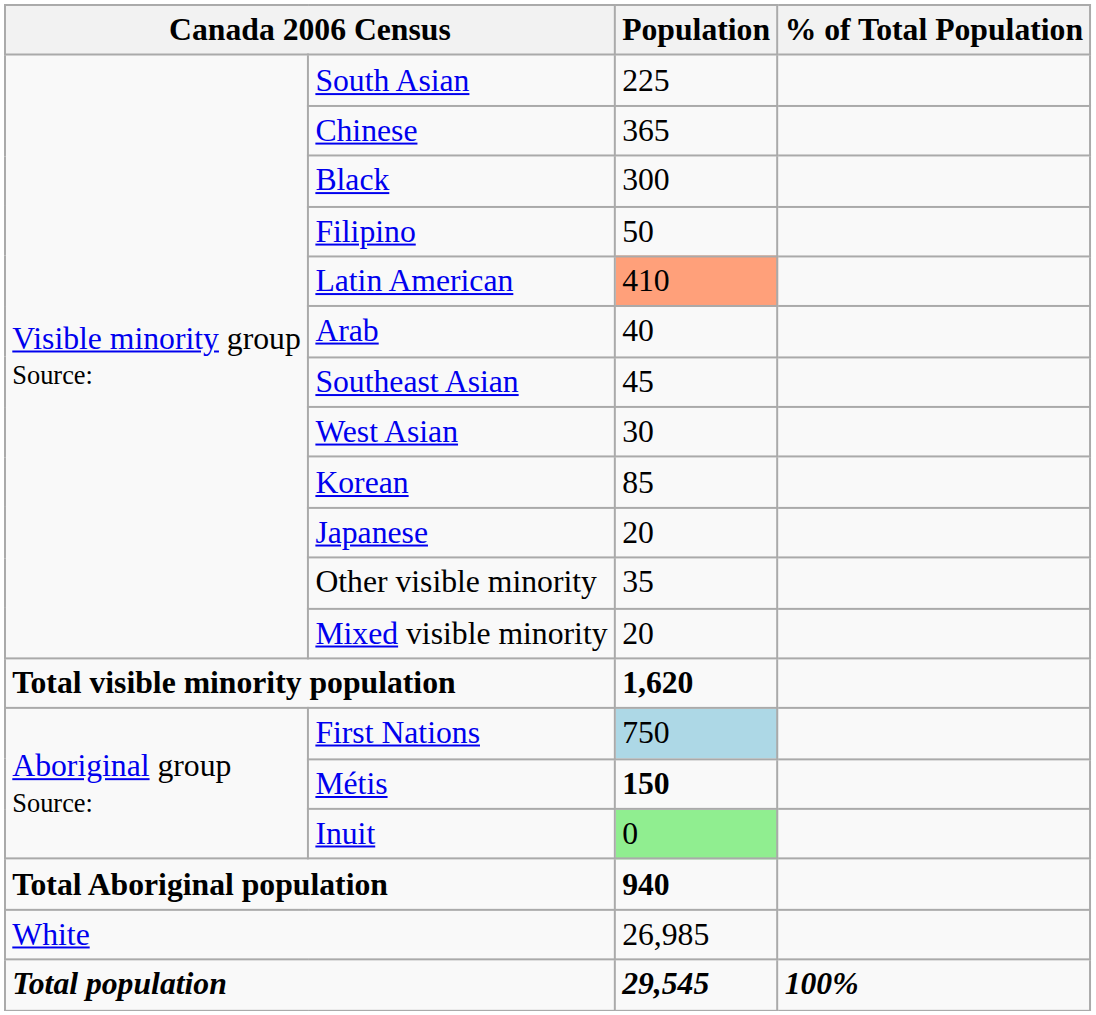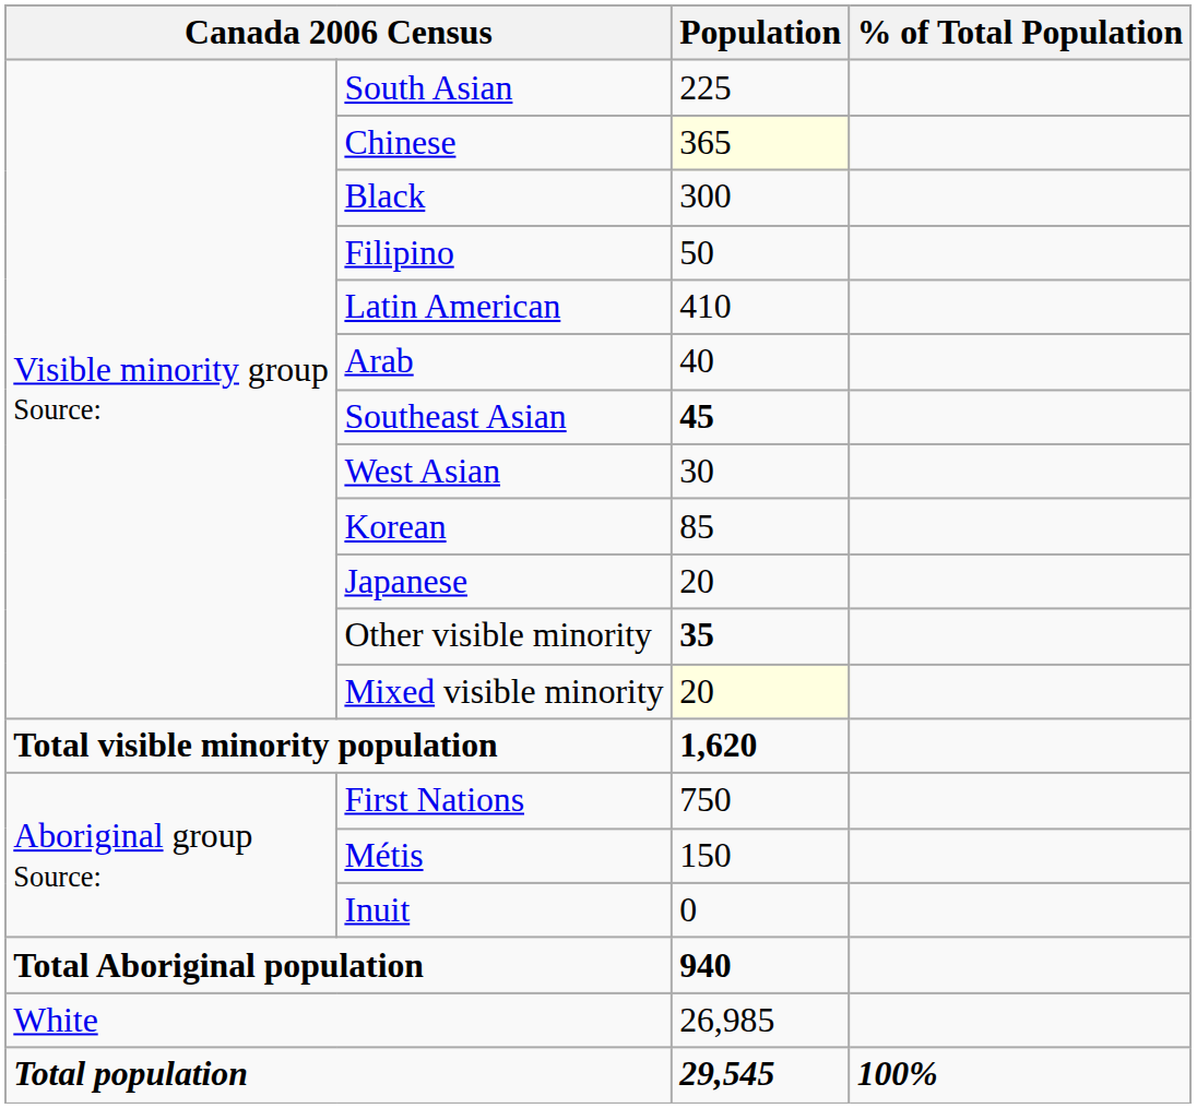 <table class="wikitable">
 <tr>
 <th colspan="2">Canada 2006 Census</th>
 <th>Population</th>
 <th>% of Total Population</th>
 </tr>
 <tr>
 <td rowspan="12"><a href='#'>Visible minority</a> group<br><small>Source:</small></td>
 <td><a href='#'>South Asian</a></td>
 <td>225</td>
 <td></td>
 </tr>
 <tr>
 <td><a href='#'>Chinese</a></td>
-<td>365</td>
+<td style="background: lightyellow;">365</td>
 <td></td>
 </tr>
 <tr>
 <td><a href='#'>Black</a></td>
 <td>300</td>
 <td></td>
 </tr>
 <tr>
 <td><a href='#'>Filipino</a></td>
 <td>50</td>
 <td></td>
 </tr>
 <tr>
 <td><a href='#'>Latin American</a></td>
-<td style="background: lightsalmon;">410</td>
+<td>410</td>
 <td></td>
 </tr>
 <tr>
 <td><a href='#'>Arab</a></td>
 <td>40</td>
 <td></td>
 </tr>
 <tr>
 <td><a href='#'>Southeast Asian</a></td>
-<td>45</td>
+<td><strong>45</strong></td>
 <td></td>
 </tr>
 <tr>
 <td><a href='#'>West Asian</a></td>
 <td>30</td>
 <td></td>
 </tr>
 <tr>
 <td><a href='#'>Korean</a></td>
 <td>85</td>
 <td></td>
 </tr>
 <tr>
 <td><a href='#'>Japanese</a></td>
 <td>20</td>
 <td></td>
 </tr>
 <tr>
 <td>Other visible minority</td>
-<td>35</td>
+<td><strong>35</strong></td>
 <td></td>
 </tr>
 <tr>
 <td><a href='#'>Mixed</a> visible minority</td>
-<td>20</td>
+<td style="background: lightyellow;">20</td>
 <td></td>
 </tr>
 <tr>
 <td colspan="2"><strong>Total visible minority population</strong></td>
 <td><strong>1,620</strong></td>
 <td><strong></strong></td>
 </tr>
 <tr>
 <td rowspan="3"><a href='#'>Aboriginal</a> group<br><small>Source:</small></td>
 <td><a href='#'>First Nations</a></td>
-<td style="background: lightblue;">750</td>
+<td>750</td>
 <td></td>
 </tr>
 <tr>
 <td><a href='#'>Métis</a></td>
-<td><strong>150</strong></td>
+<td>150</td>
 <td></td>
 </tr>
 <tr>
 <td><a href='#'>Inuit</a></td>
-<td style="background: lightgreen;">0</td>
+<td>0</td>
 <td></td>
 </tr>
 <tr>
 <td colspan="2"><strong>Total Aboriginal population</strong></td>
 <td><strong>940</strong></td>
 <td><strong></strong></td>
 </tr>
 <tr>
 <td colspan="2"><a href='#'>White</a></td>
 <td>26,985</td>
 <td></td>
 </tr>
 <tr>
 <td colspan="2"><strong><em>Total population</em></strong></td>
 <td><strong><em>29,545</em></strong></td>
 <td><strong><em>100%</em></strong></td>
 </tr>
 </table>
